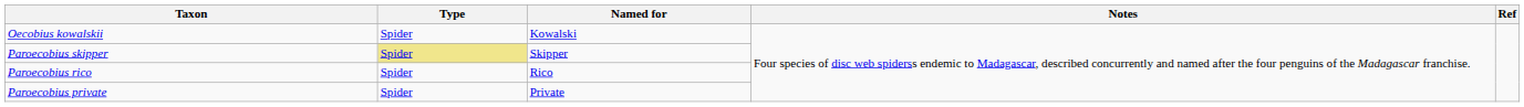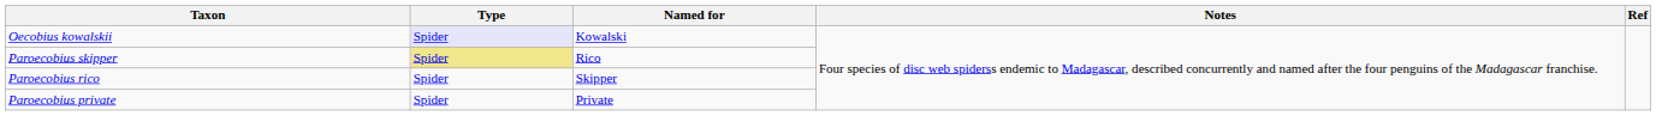 <table class="wikitable sortable" width="100%">
 <tr>
 <th style="width:25%;">Taxon</th>
 <th style="width:10%;">Type</th>
 <th style="width:15%;">Named for</th>
 <th style="width:50%;">Notes</th>
 <th class="unsortable">Ref</th>
 </tr>
 <tr>
 <td><em><a href='#'>Oecobius kowalskii</a></em> </td>
-<td><a href='#'>Spider</a></td>
+<td style="background: lavender;"><a href='#'>Spider</a></td>
 <td><a href='#'>Kowalski</a></td>
 <td rowspan="4">Four species of <a href='#'>disc web spiders</a>s endemic to <a href='#'>Madagascar</a>, described concurrently and named after the four penguins of the <em>Madagascar</em> franchise.</td>
 <td rowspan="4"></td>
 </tr>
 <tr>
 <td><em><a href='#'>Paroecobius skipper</a></em> </td>
 <td style="background: khaki;"><a href='#'>Spider</a></td>
-<td><a href='#'>Skipper</a></td>
+<td><a href='#'>Rico</a></td>
 </tr>
 <tr>
 <td><em><a href='#'>Paroecobius rico</a></em> </td>
 <td><a href='#'>Spider</a></td>
-<td><a href='#'>Rico</a></td>
+<td><a href='#'>Skipper</a></td>
 </tr>
 <tr>
 <td><em><a href='#'>Paroecobius private</a></em> </td>
 <td><a href='#'>Spider</a></td>
 <td><a href='#'>Private</a></td>
 </tr>
 </table>
